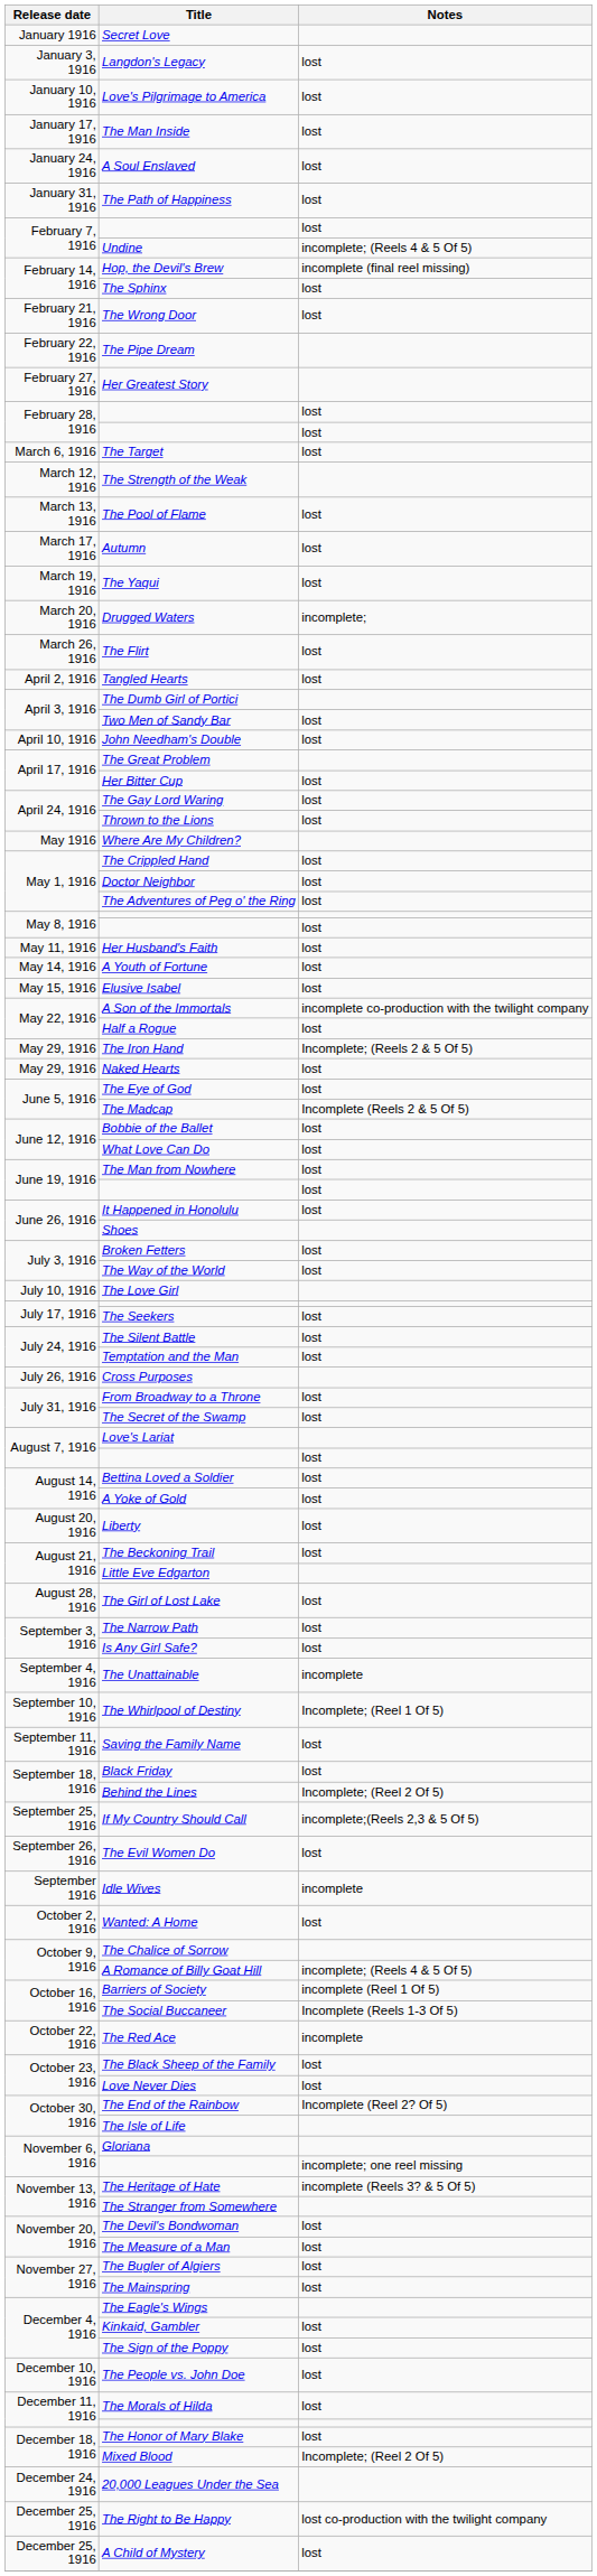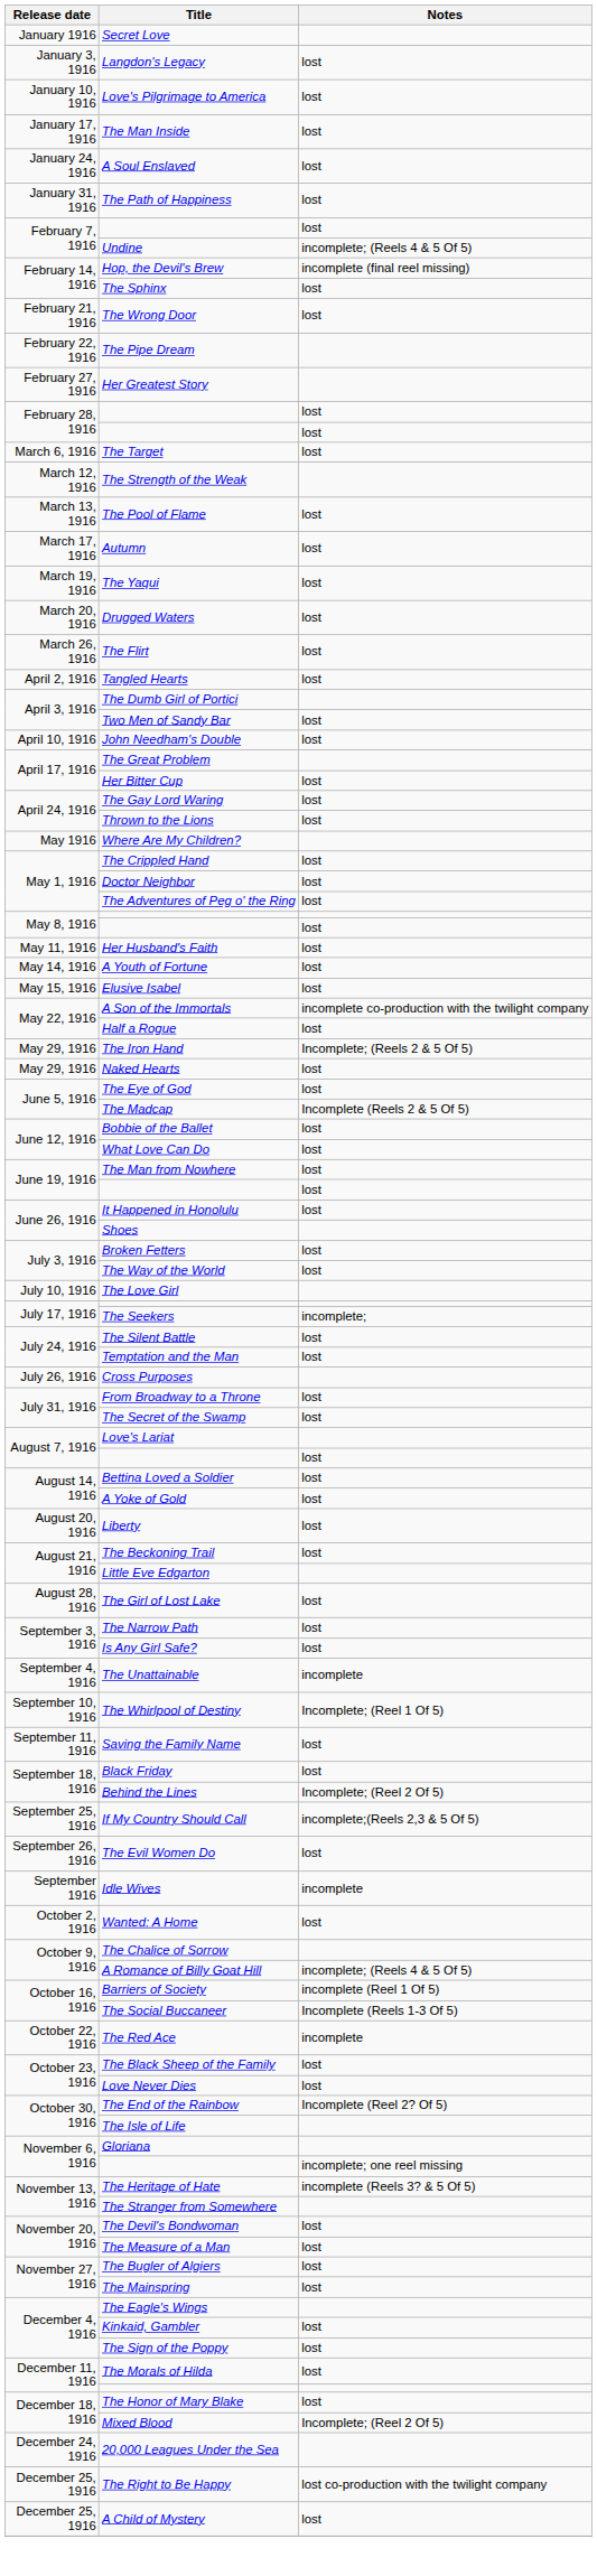 <table class="wikitable sortable">
 <tr>
 <th style="width:111px;">Release date</th>
 <th>Title</th>
 <th>Notes</th>
 </tr>
 <tr>
 <td style="text-align:right;">January 1916</td>
 <td><em><a href='#'>Secret Love</a></em></td>
 <td></td>
 </tr>
 <tr>
 <td style="text-align:right;">January 3, 1916</td>
 <td><em><a href='#'>Langdon's Legacy</a></em></td>
 <td>lost </td>
 </tr>
 <tr>
 <td style="text-align:right;">January 10, 1916</td>
 <td><em><a href='#'>Love's Pilgrimage to America</a></em></td>
 <td>lost </td>
 </tr>
 <tr>
 <td style="text-align:right;">January 17, 1916</td>
 <td><em><a href='#'>The Man Inside</a></em></td>
 <td>lost  </td>
 </tr>
 <tr>
 <td style="text-align:right;">January 24, 1916</td>
 <td><em><a href='#'>A Soul Enslaved</a></em></td>
 <td>lost </td>
 </tr>
 <tr>
 <td style="text-align:right;">January 31, 1916</td>
 <td><em><a href='#'>The Path of Happiness</a></em></td>
 <td>lost  </td>
 </tr>
 <tr>
 <td style="text-align:right;" rowspan="2">February 7, 1916</td>
 <td><em></em></td>
 <td>lost </td>
 </tr>
 <tr>
 <td><em><a href='#'>Undine</a></em></td>
 <td>incomplete; (Reels 4 & 5 Of 5)   </td>
 </tr>
 <tr>
 <td style="text-align:right;" rowspan="2">February 14, 1916</td>
 <td><em><a href='#'>Hop, the Devil's Brew</a></em></td>
 <td>incomplete (final reel missing) </td>
 </tr>
 <tr>
 <td><em><a href='#'>The Sphinx</a></em></td>
 <td>lost </td>
 </tr>
 <tr>
 <td style="text-align:right;">February 21, 1916</td>
 <td><em><a href='#'>The Wrong Door</a></em></td>
 <td>lost  </td>
 </tr>
 <tr>
 <td style="text-align:right;">February 22, 1916</td>
 <td><em><a href='#'>The Pipe Dream</a></em></td>
 <td></td>
 </tr>
 <tr>
 <td style="text-align:right;">February 27, 1916</td>
 <td><em><a href='#'>Her Greatest Story</a></em></td>
 <td></td>
 </tr>
 <tr>
 <td style="text-align:right;" rowspan="2">February 28, 1916</td>
 <td><em></em></td>
 <td>lost </td>
 </tr>
 <tr>
 <td><em></em></td>
 <td>lost </td>
 </tr>
 <tr>
 <td style="text-align:right;">March 6, 1916</td>
 <td><em><a href='#'>The Target</a></em></td>
 <td>lost  </td>
 </tr>
 <tr>
 <td style="text-align:right;">March 12, 1916</td>
 <td><em><a href='#'>The Strength of the Weak</a></em></td>
 <td></td>
 </tr>
 <tr>
 <td style="text-align:right;">March 13, 1916</td>
 <td><em><a href='#'>The Pool of Flame</a></em></td>
 <td>lost  </td>
 </tr>
 <tr>
 <td style="text-align:right;">March 17, 1916</td>
 <td><em><a href='#'>Autumn</a></em></td>
 <td>lost  </td>
 </tr>
 <tr>
 <td style="text-align:right;">March 19, 1916</td>
 <td><em><a href='#'>The Yaqui</a></em></td>
 <td>lost </td>
 </tr>
 <tr>
 <td style="text-align:right;">March 20, 1916</td>
 <td><em><a href='#'>Drugged Waters</a></em></td>
-<td>incomplete; </td>
+<td>lost  </td>
 </tr>
 <tr>
 <td style="text-align:right;">March 26, 1916</td>
 <td><em><a href='#'>The Flirt</a></em></td>
 <td>lost  </td>
 </tr>
 <tr>
 <td style="text-align:right;">April 2, 1916</td>
 <td><em><a href='#'>Tangled Hearts</a></em></td>
 <td>lost </td>
 </tr>
 <tr>
 <td style="text-align:right;" rowspan="2">April 3, 1916</td>
 <td><em><a href='#'>The Dumb Girl of Portici</a></em></td>
 <td></td>
 </tr>
 <tr>
 <td><em><a href='#'>Two Men of Sandy Bar</a></em></td>
 <td>lost </td>
 </tr>
 <tr>
 <td style="text-align:right;">April 10, 1916</td>
 <td><em><a href='#'>John Needham's Double</a></em></td>
 <td>lost  </td>
 </tr>
 <tr>
 <td style="text-align:right;" rowspan="2">April 17, 1916</td>
 <td><em><a href='#'>The Great Problem</a></em></td>
 <td></td>
 </tr>
 <tr>
 <td><em><a href='#'>Her Bitter Cup</a></em></td>
 <td>lost </td>
 </tr>
 <tr>
 <td style="text-align:right;" rowspan="2">April 24, 1916</td>
 <td><em><a href='#'>The Gay Lord Waring</a></em></td>
 <td>lost  </td>
 </tr>
 <tr>
 <td><em><a href='#'>Thrown to the Lions</a></em></td>
 <td>lost  </td>
 </tr>
 <tr>
 <td style="text-align:right;">May 1916</td>
 <td><em><a href='#'>Where Are My Children?</a></em></td>
 <td></td>
 </tr>
 <tr>
 <td style="text-align:right;" rowspan="3">May 1, 1916</td>
 <td><em><a href='#'>The Crippled Hand</a></em></td>
 <td>lost </td>
 </tr>
 <tr>
 <td><em><a href='#'>Doctor Neighbor</a></em></td>
 <td>lost </td>
 </tr>
 <tr>
 <td><em><a href='#'>The Adventures of Peg o' the Ring</a></em></td>
 <td>lost</td>
 </tr>
 <tr>
 <td style="text-align:right;" rowspan="2">May 8, 1916</td>
 <td><em></em></td>
 <td></td>
 </tr>
 <tr>
 <td><em></em></td>
 <td>lost </td>
 </tr>
 <tr>
 <td style="text-align:right;">May 11, 1916</td>
 <td><em><a href='#'>Her Husband's Faith</a></em></td>
 <td>lost </td>
 </tr>
 <tr>
 <td style="text-align:right;">May 14, 1916</td>
 <td><em><a href='#'>A Youth of Fortune</a></em></td>
 <td>lost  </td>
 </tr>
 <tr>
 <td style="text-align:right;">May 15, 1916</td>
 <td><em><a href='#'>Elusive Isabel</a></em></td>
 <td>lost  </td>
 </tr>
 <tr>
 <td style="text-align:right;" rowspan="2">May 22, 1916</td>
 <td><em><a href='#'>A Son of the Immortals</a></em></td>
 <td>incomplete  co-production with the twilight company</td>
 </tr>
 <tr>
 <td><em><a href='#'>Half a Rogue</a></em></td>
 <td>lost  </td>
 </tr>
 <tr>
 <td style="text-align:right;">May 29, 1916</td>
 <td><em><a href='#'>The Iron Hand</a></em></td>
 <td>Incomplete; (Reels 2 & 5 Of 5) </td>
 </tr>
 <tr>
 <td style="text-align:right;">May 29, 1916</td>
 <td><em><a href='#'>Naked Hearts</a></em></td>
 <td>lost </td>
 </tr>
 <tr>
 <td style="text-align:right;" rowspan="2">June 5, 1916</td>
 <td><em><a href='#'>The Eye of God</a></em></td>
 <td>lost </td>
 </tr>
 <tr>
 <td><em><a href='#'>The Madcap</a></em></td>
 <td>Incomplete (Reels 2 & 5 Of 5) </td>
 </tr>
 <tr>
 <td style="text-align:right;" rowspan="2">June 12, 1916</td>
 <td><em><a href='#'>Bobbie of the Ballet</a></em></td>
 <td>lost </td>
 </tr>
 <tr>
 <td><em><a href='#'>What Love Can Do</a></em></td>
 <td>lost  </td>
 </tr>
 <tr>
 <td style="text-align:right;" rowspan="2">June 19, 1916</td>
 <td><em><a href='#'>The Man from Nowhere</a></em></td>
 <td>lost  </td>
 </tr>
 <tr>
 <td><em></em></td>
 <td>lost </td>
 </tr>
 <tr>
 <td style="text-align:right;" rowspan="2">June 26, 1916</td>
 <td><em><a href='#'>It Happened in Honolulu</a></em></td>
 <td>lost  </td>
 </tr>
 <tr>
 <td><em><a href='#'>Shoes</a></em></td>
 <td></td>
 </tr>
 <tr>
 <td style="text-align:right;" rowspan="2">July 3, 1916</td>
 <td><em><a href='#'>Broken Fetters</a></em></td>
 <td>lost </td>
 </tr>
 <tr>
 <td><em><a href='#'>The Way of the World</a></em></td>
 <td>lost </td>
 </tr>
 <tr>
 <td style="text-align:right;">July 10, 1916</td>
 <td><em><a href='#'>The Love Girl</a></em></td>
 <td></td>
 </tr>
 <tr>
 <td style="text-align:right;" rowspan="2">July 17, 1916</td>
 <td><em></em></td>
 <td></td>
 </tr>
 <tr>
 <td><em><a href='#'>The Seekers</a></em></td>
-<td>lost  </td>
+<td>incomplete; </td>
 </tr>
 <tr>
 <td style="text-align:right;" rowspan="2">July 24, 1916</td>
 <td><em><a href='#'>The Silent Battle</a></em></td>
 <td>lost  </td>
 </tr>
 <tr>
 <td><em><a href='#'>Temptation and the Man</a></em></td>
 <td>lost  </td>
 </tr>
 <tr>
 <td style="text-align:right;">July 26, 1916</td>
 <td><em><a href='#'>Cross Purposes</a></em></td>
 <td></td>
 </tr>
 <tr>
 <td style="text-align:right;" rowspan="2">July 31, 1916</td>
 <td><em><a href='#'>From Broadway to a Throne</a></em></td>
 <td>lost </td>
 </tr>
 <tr>
 <td><em><a href='#'>The Secret of the Swamp</a></em></td>
 <td>lost  </td>
 </tr>
 <tr>
 <td style="text-align:right;" rowspan="2">August 7, 1916</td>
 <td><em><a href='#'>Love's Lariat</a></em></td>
 <td></td>
 </tr>
 <tr>
 <td><em></em></td>
 <td>lost </td>
 </tr>
 <tr>
 <td style="text-align:right;" rowspan="2">August 14, 1916</td>
 <td><em><a href='#'>Bettina Loved a Soldier</a></em></td>
 <td>lost  </td>
 </tr>
 <tr>
 <td><em><a href='#'>A Yoke of Gold</a></em></td>
 <td>lost </td>
 </tr>
 <tr>
 <td style="text-align:right;">August 20, 1916</td>
 <td><em><a href='#'>Liberty</a></em></td>
 <td>lost</td>
 </tr>
 <tr>
 <td style="text-align:right;" rowspan="2">August 21, 1916</td>
 <td><em><a href='#'>The Beckoning Trail</a></em></td>
 <td>lost </td>
 </tr>
 <tr>
 <td><em><a href='#'>Little Eve Edgarton</a></em></td>
 <td></td>
 </tr>
 <tr>
 <td style="text-align:right;">August 28, 1916</td>
 <td><em><a href='#'>The Girl of Lost Lake</a></em></td>
 <td>lost  </td>
 </tr>
 <tr>
 <td style="text-align:right;" rowspan="2">September 3, 1916</td>
 <td><em><a href='#'>The Narrow Path</a></em></td>
 <td>lost  </td>
 </tr>
 <tr>
 <td><em><a href='#'>Is Any Girl Safe?</a></em></td>
 <td>lost  </td>
 </tr>
 <tr>
 <td style="text-align:right;">September 4, 1916</td>
 <td><em><a href='#'>The Unattainable</a></em></td>
 <td>incomplete </td>
 </tr>
 <tr>
 <td style="text-align:right;">September 10, 1916</td>
 <td><em><a href='#'>The Whirlpool of Destiny</a></em></td>
 <td>Incomplete; (Reel 1 Of 5)  </td>
 </tr>
 <tr>
 <td style="text-align:right;">September 11, 1916</td>
 <td><em><a href='#'>Saving the Family Name</a></em></td>
 <td>lost  </td>
 </tr>
 <tr>
 <td style="text-align:right;" rowspan="2">September 18, 1916</td>
 <td><em><a href='#'>Black Friday</a></em></td>
 <td>lost </td>
 </tr>
 <tr>
 <td><em><a href='#'>Behind the Lines</a></em></td>
 <td>Incomplete; (Reel 2 Of 5) </td>
 </tr>
 <tr>
 <td style="text-align:right;">September 25, 1916</td>
 <td><em><a href='#'>If My Country Should Call</a></em></td>
 <td>incomplete;(Reels 2,3 & 5 Of 5) </td>
 </tr>
 <tr>
 <td style="text-align:right;">September 26, 1916</td>
 <td><em><a href='#'>The Evil Women Do</a></em></td>
 <td>lost  </td>
 </tr>
 <tr>
 <td style="text-align:right;">September 1916</td>
 <td><em><a href='#'>Idle Wives</a></em></td>
 <td>incomplete </td>
 </tr>
 <tr>
 <td style="text-align:right;">October 2, 1916</td>
 <td><em><a href='#'>Wanted: A Home</a></em></td>
 <td>lost  </td>
 </tr>
 <tr>
 <td style="text-align:right;" rowspan="2">October 9, 1916</td>
 <td><em><a href='#'>The Chalice of Sorrow</a></em></td>
 <td></td>
 </tr>
 <tr>
 <td><em><a href='#'>A Romance of Billy Goat Hill</a></em></td>
 <td>incomplete; (Reels 4 & 5 Of 5)   </td>
 </tr>
 <tr>
 <td style="text-align:right;" rowspan="2">October 16, 1916</td>
 <td><em><a href='#'>Barriers of Society</a></em></td>
 <td>incomplete (Reel 1 Of 5) </td>
 </tr>
 <tr>
 <td><em><a href='#'>The Social Buccaneer</a></em></td>
 <td>Incomplete (Reels 1-3 Of 5) </td>
 </tr>
 <tr>
 <td style="text-align:right;">October 22, 1916</td>
 <td><em><a href='#'>The Red Ace</a></em></td>
 <td>incomplete</td>
 </tr>
 <tr>
 <td style="text-align:right;" rowspan="2">October 23, 1916</td>
 <td><em><a href='#'>The Black Sheep of the Family</a></em></td>
 <td>lost  </td>
 </tr>
 <tr>
 <td><em><a href='#'>Love Never Dies</a></em></td>
 <td>lost  </td>
 </tr>
 <tr>
 <td style="text-align:right;" rowspan="2">October 30, 1916</td>
 <td><em><a href='#'>The End of the Rainbow</a></em></td>
 <td>Incomplete (Reel 2? Of 5) </td>
 </tr>
 <tr>
 <td><em><a href='#'>The Isle of Life</a></em></td>
 <td></td>
 </tr>
 <tr>
 <td style="text-align:right;" rowspan="2">November 6, 1916</td>
 <td><em><a href='#'>Gloriana</a></em></td>
 <td></td>
 </tr>
 <tr>
 <td><em></em></td>
 <td>incomplete; one reel missing </td>
 </tr>
 <tr>
 <td style="text-align:right;" rowspan="2">November 13, 1916</td>
 <td><em><a href='#'>The Heritage of Hate</a></em></td>
 <td>incomplete (Reels 3? & 5 Of 5) </td>
 </tr>
 <tr>
 <td><em><a href='#'>The Stranger from Somewhere</a></em></td>
 <td></td>
 </tr>
 <tr>
 <td style="text-align:right;" rowspan="2">November 20, 1916</td>
 <td><em><a href='#'>The Devil's Bondwoman</a></em></td>
 <td>lost </td>
 </tr>
 <tr>
 <td><em><a href='#'>The Measure of a Man</a></em></td>
 <td>lost  </td>
 </tr>
 <tr>
 <td style="text-align:right;" rowspan="2">November 27, 1916</td>
 <td><em><a href='#'>The Bugler of Algiers</a></em></td>
 <td>lost </td>
 </tr>
 <tr>
 <td><em><a href='#'>The Mainspring</a></em></td>
 <td>lost  </td>
 </tr>
 <tr>
 <td style="text-align:right;" rowspan="3">December 4, 1916</td>
 <td><em><a href='#'>The Eagle's Wings</a></em></td>
 <td></td>
 </tr>
 <tr>
 <td><em><a href='#'>Kinkaid, Gambler</a></em></td>
 <td>lost  </td>
 </tr>
 <tr>
 <td><em><a href='#'>The Sign of the Poppy</a></em></td>
 <td>lost  </td>
 </tr>
 <tr>
-<td style="text-align:right;">December 10, 1916</td>
-<td><em><a href='#'>The People vs. John Doe</a></em></td>
-<td>lost </td>
-</tr>
-<tr>
 <td style="text-align:right;" rowspan="2">December 11, 1916</td>
 <td><em><a href='#'>The Morals of Hilda</a></em></td>
 <td>lost </td>
 </tr>
 <tr>
 <td><em></em></td>
 <td></td>
 </tr>
 <tr>
 <td style="text-align:right;" rowspan="2">December 18, 1916</td>
 <td><em><a href='#'>The Honor of Mary Blake</a></em></td>
 <td>lost  </td>
 </tr>
 <tr>
 <td><em><a href='#'>Mixed Blood</a></em></td>
 <td>Incomplete; (Reel 2 Of 5) </td>
 </tr>
 <tr>
 <td style="text-align:right;">December 24, 1916</td>
 <td><em><a href='#'>20,000 Leagues Under the Sea</a></em></td>
 <td></td>
 </tr>
 <tr>
 <td style="text-align:right;">December 25, 1916</td>
 <td><em><a href='#'>The Right to Be Happy</a></em></td>
 <td>lost  co-production with the twilight company</td>
 </tr>
 <tr>
 <td style="text-align:right;">December 25, 1916</td>
 <td><em><a href='#'>A Child of Mystery</a></em></td>
 <td>lost  </td>
 </tr>
 <tr>
 </tr>
 <tr>
 </tr>
 </table>
